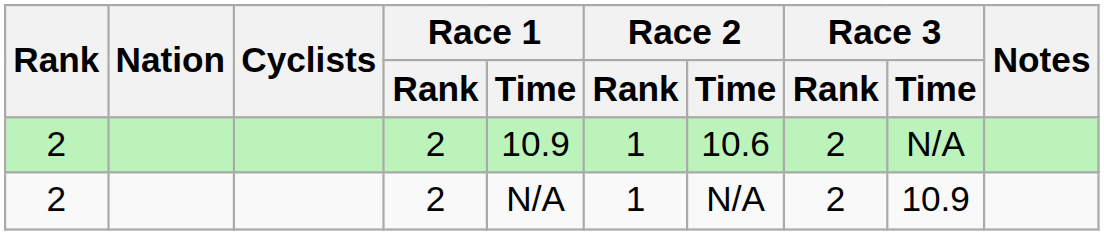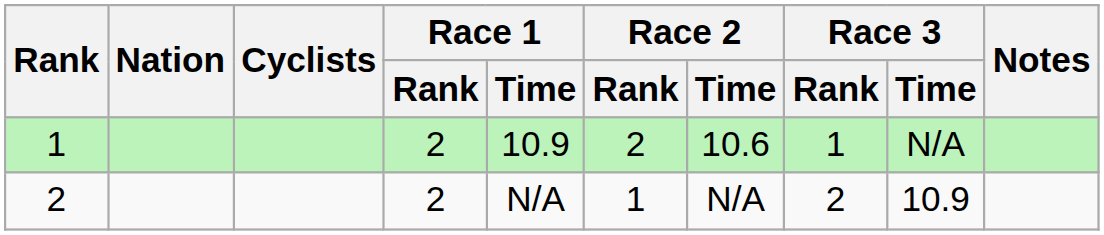 <table class="wikitable sortable" style="text-align:center">
 <tr>
 <th rowspan=2>Rank</th>
 <th rowspan=2>Nation</th>
 <th rowspan=2>Cyclists</th>
 <th colspan=2>Race 1</th>
 <th colspan=2>Race 2</th>
 <th colspan=2>Race 3</th>
 <th rowspan=2>Notes</th>
 </tr>
 <tr>
 <th>Rank</th>
 <th>Time</th>
 <th>Rank</th>
 <th>Time</th>
 <th>Rank</th>
 <th>Time</th>
 </tr>
 <tr bgcolor=bbf3bb>
-<td>2</td>
+<td>1</td>
 <td align=left></td>
 <td align=left></td>
 <td>2</td>
 <td>10.9</td>
+<td>2</td>
+<td>10.6</td>
 <td>1</td>
-<td>10.6</td>
-<td>2</td>
 <td>N/A</td>
 <td></td>
 </tr>
 <tr>
 <td>2</td>
 <td align=left></td>
 <td align=left></td>
 <td>2</td>
 <td>N/A</td>
 <td>1</td>
 <td>N/A</td>
 <td>2</td>
 <td>10.9</td>
 <td></td>
 </tr>
 </table>
